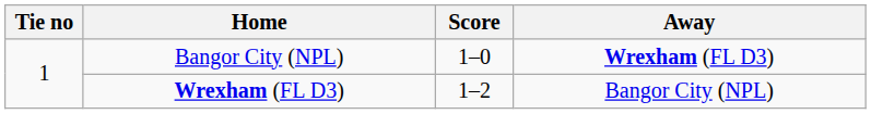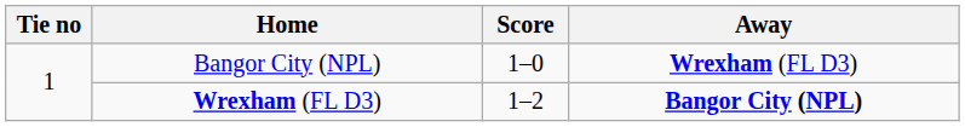 <table class="wikitable" style="text-align:center">
 <tr>
 <th width=50>Tie no</th>
 <th width=250>Home</th>
 <th width=50>Score</th>
 <th width=250>Away</th>
 </tr>
 <tr>
 <td rowspan=2>1</td>
 <td><a href='#'>Bangor City</a> (<a href='#'>NPL</a>)</td>
 <td>1–0</td>
 <td><strong><a href='#'>Wrexham</a></strong> (<a href='#'>FL D3</a>)</td>
 </tr>
 <tr>
 <td><strong><a href='#'>Wrexham</a></strong> (<a href='#'>FL D3</a>)</td>
 <td>1–2</td>
-<td><a href='#'>Bangor City</a> (<a href='#'>NPL</a>)</td>
+<td><strong><a href='#'>Bangor City</a> (<a href='#'>NPL</a>)</strong></td>
 </tr>
 </table>
